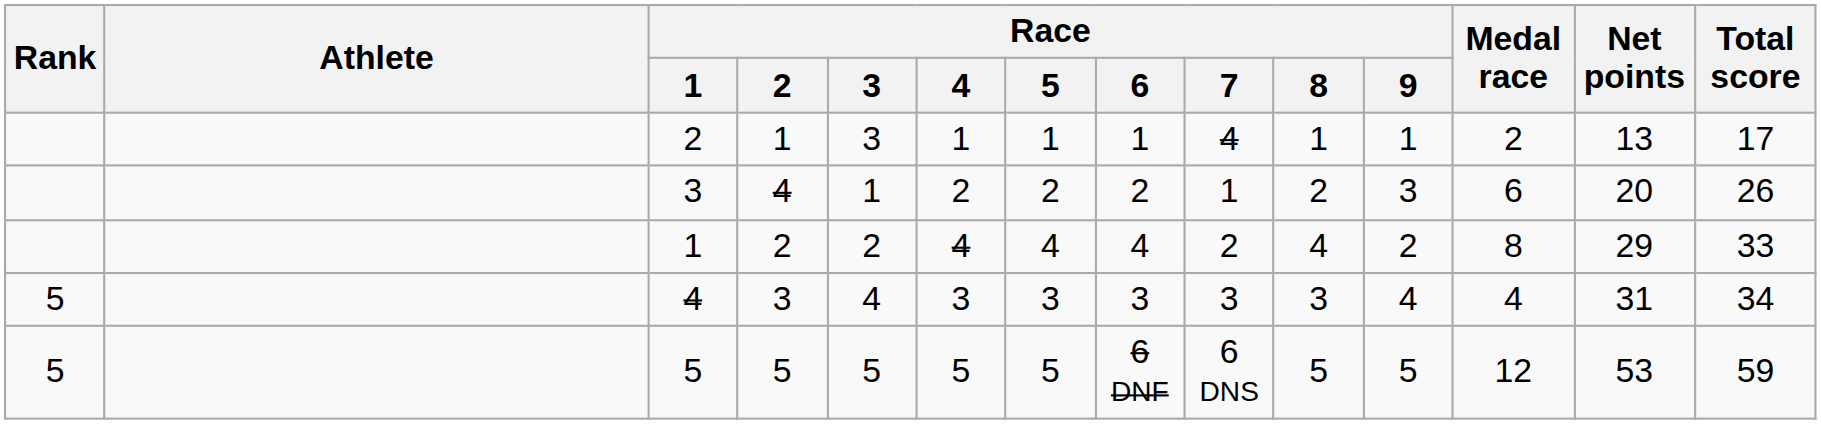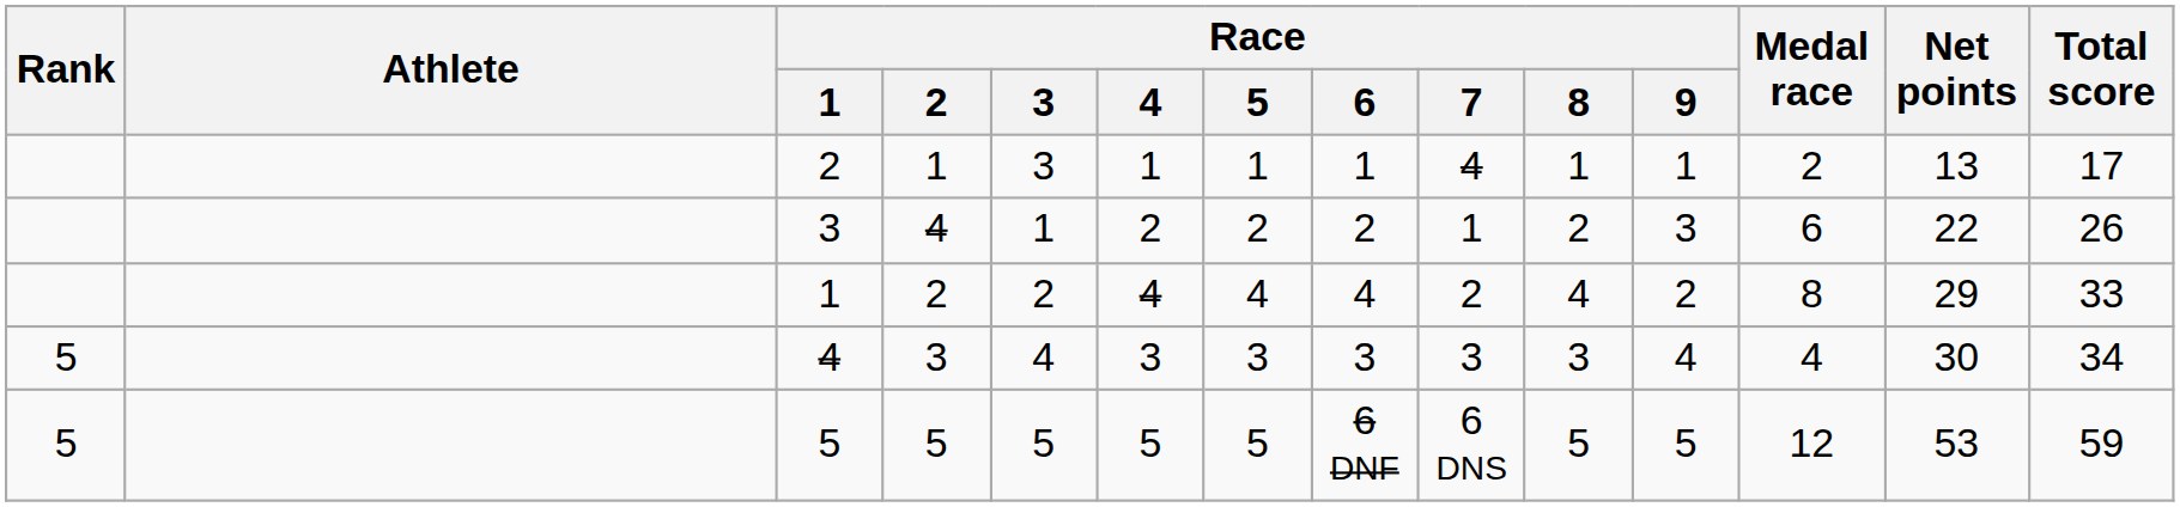 <table | class="wikitable Sortable" style="text-align:center">
 <tr>
 <th rowspan="2" width=40>Rank</th>
 <th rowspan="2" width=250>Athlete</th>
 <th colspan="9">Race</th>
 <th rowspan="2" width=50>Medal race</th>
 <th rowspan="2" width=50>Net points</th>
 <th rowspan="2" width=50>Total score</th>
 </tr>
 <tr>
 <th width=35>1</th>
 <th width=35>2</th>
 <th width=35>3</th>
 <th width=35>4</th>
 <th width=35>5</th>
 <th width=35>6</th>
 <th width=35>7</th>
 <th width=35>8</th>
 <th width=35>9</th>
 </tr>
 <tr>
 <td></td>
 <td align=left></td>
 <td>2</td>
 <td>1</td>
 <td>3</td>
 <td>1</td>
 <td>1</td>
 <td>1</td>
 <td><s>4</s></td>
 <td>1</td>
 <td>1</td>
 <td>2</td>
 <td>13</td>
 <td>17</td>
 </tr>
 <tr>
 <td></td>
 <td align=left></td>
 <td>3</td>
 <td><s>4</s></td>
 <td>1</td>
 <td>2</td>
 <td>2</td>
 <td>2</td>
 <td>1</td>
 <td>2</td>
 <td>3</td>
 <td>6</td>
-<td>20</td>
+<td>22</td>
 <td>26</td>
 </tr>
 <tr>
 <td></td>
 <td align=left></td>
 <td>1</td>
 <td>2</td>
 <td>2</td>
 <td><s>4</s></td>
 <td>4</td>
 <td>4</td>
 <td>2</td>
 <td>4</td>
 <td>2</td>
 <td>8</td>
 <td>29</td>
 <td>33</td>
 </tr>
 <tr>
 <td>5</td>
 <td align=left></td>
 <td><s>4</s></td>
 <td>3</td>
 <td>4</td>
 <td>3</td>
 <td>3</td>
 <td>3</td>
 <td>3</td>
 <td>3</td>
 <td>4</td>
 <td>4</td>
-<td>31</td>
+<td>30</td>
 <td>34</td>
 </tr>
 <tr>
 <td>5</td>
 <td align=left></td>
 <td>5</td>
 <td>5</td>
 <td>5</td>
 <td>5</td>
 <td>5</td>
 <td><s>6</s><br><s><small>DNF</small></s></td>
 <td>6<br><small>DNS</small></td>
 <td>5</td>
 <td>5</td>
 <td>12</td>
 <td>53</td>
 <td>59</td>
 </tr>
 </table>
